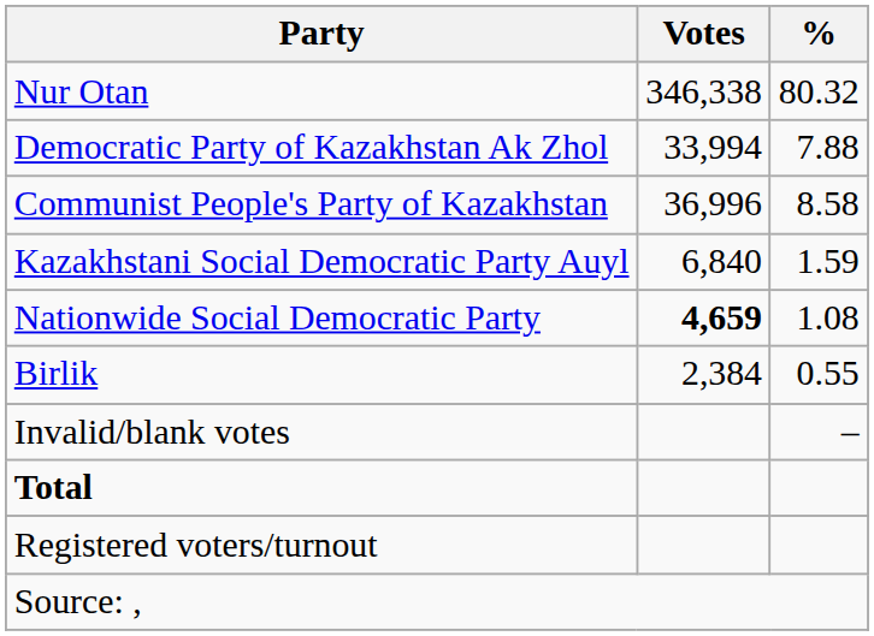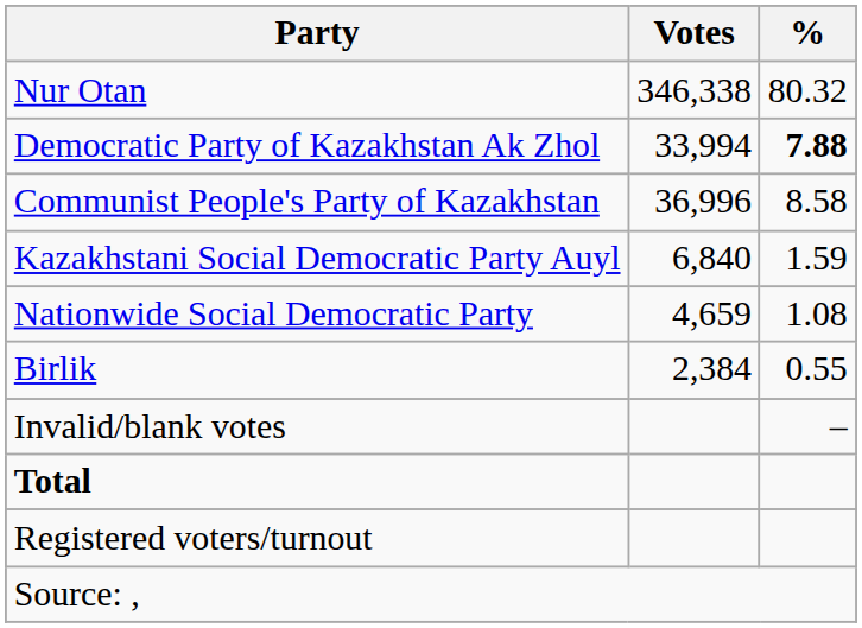 <table class=wikitable style=text-align:right>
 <tr>
 <th>Party</th>
 <th>Votes</th>
 <th>%</th>
 </tr>
 <tr>
 <td align=left><a href='#'>Nur Otan</a></td>
 <td>346,338</td>
 <td>80.32</td>
 </tr>
 <tr>
 <td align=left><a href='#'>Democratic Party of Kazakhstan Ak Zhol</a></td>
 <td>33,994</td>
-<td>7.88</td>
+<td><strong>7.88</strong></td>
 </tr>
 <tr>
 <td align=left><a href='#'>Communist People's Party of Kazakhstan</a></td>
 <td>36,996</td>
 <td>8.58</td>
 </tr>
 <tr>
 <td align=left><a href='#'>Kazakhstani Social Democratic Party Auyl</a></td>
 <td>6,840</td>
 <td>1.59</td>
 </tr>
 <tr>
 <td align=left><a href='#'>Nationwide Social Democratic Party</a></td>
-<td><strong>4,659</strong></td>
+<td>4,659</td>
 <td>1.08</td>
 </tr>
 <tr>
 <td align=left><a href='#'>Birlik</a></td>
 <td>2,384</td>
 <td>0.55</td>
 </tr>
 <tr>
 <td align=left>Invalid/blank votes</td>
 <td></td>
 <td>–</td>
 </tr>
 <tr>
 <td align=left><strong>Total</strong></td>
 <td></td>
 <td></td>
 </tr>
 <tr>
 <td align=left>Registered voters/turnout</td>
 <td></td>
 <td></td>
 </tr>
 <tr>
 <td style="text-align:left;" colspan="5">Source: , </td>
 </tr>
 </table>
